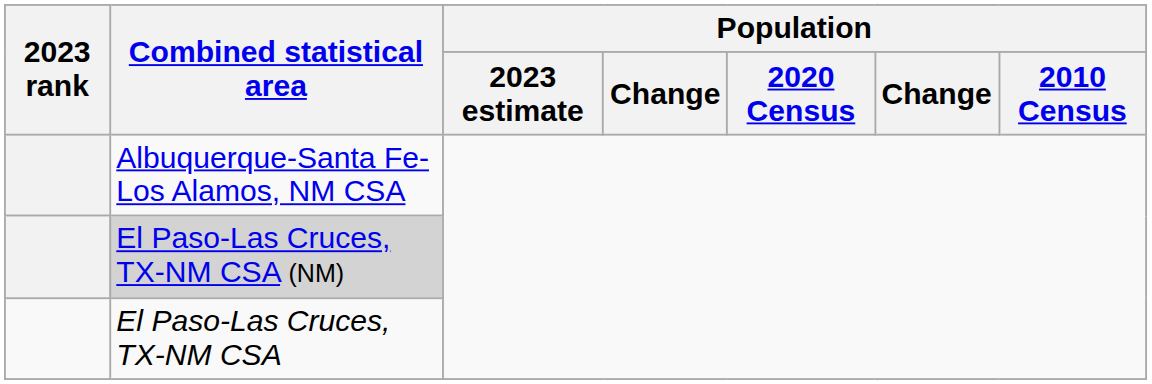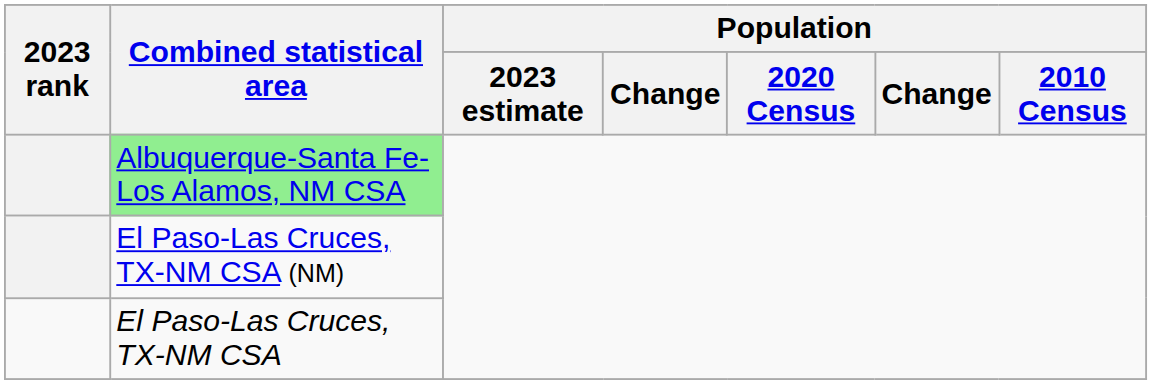 <table class="wikitable sortable">
 <tr>
 <th scope=col rowspan=2>2023 rank</th>
 <th scope=col rowspan=2><a href='#'>Combined statistical area</a></th>
 <th colspan=5>Population</th>
 </tr>
 <tr>
 <th scope=col>2023 estimate</th>
 <th scope=col>Change</th>
 <th scope=col><a href='#'>2020 Census</a></th>
 <th scope=col>Change</th>
 <th scope=col><a href='#'>2010 Census</a></th>
 </tr>
 <tr>
 <th scope=row></th>
-<td><a href='#'>Albuquerque-Santa Fe-Los Alamos, NM CSA</a><br></td>
+<td style="background: lightgreen;"><a href='#'>Albuquerque-Santa Fe-Los Alamos, NM CSA</a><br></td>
 </tr>
 <tr>
 <th scope=row></th>
-<td style="background: lightgrey;"><a href='#'>El Paso-Las Cruces, TX-NM CSA</a> <small>(NM)</small><br></td>
+<td><a href='#'>El Paso-Las Cruces, TX-NM CSA</a> <small>(NM)</small><br></td>
 </tr>
 <tr>
 <td></td>
 <td><em><span>El Paso-Las Cruces, TX-NM CSA</span></em><br></td>
 </tr>
 </table>
